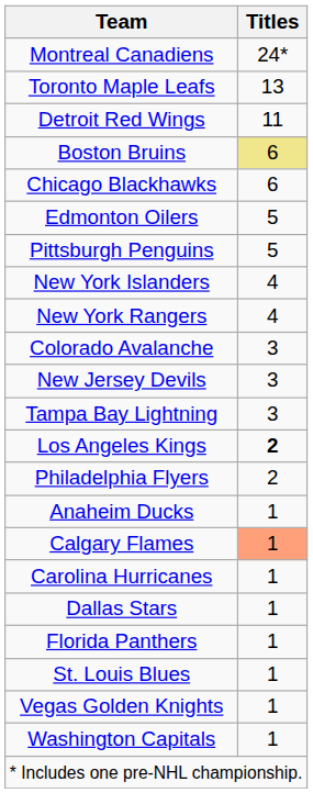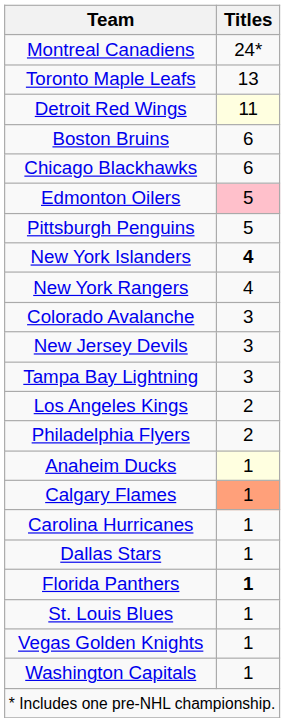 <table class="wikitable" style="text-align:center; margin-left:1em; float:right">
 <tr>
 <th scope="col">Team</th>
 <th scope="col">Titles</th>
 </tr>
 <tr>
 <td scope="row"><a href='#'>Montreal Canadiens</a></td>
 <td>24*</td>
 </tr>
 <tr>
 <td scope="row"><a href='#'>Toronto Maple Leafs</a></td>
 <td>13</td>
 </tr>
 <tr>
 <td scope="row"><a href='#'>Detroit Red Wings</a></td>
-<td>11</td>
+<td style="background: lightyellow;">11</td>
 </tr>
 <tr>
 <td scope="row"><a href='#'>Boston Bruins</a></td>
-<td style="background: khaki;">6</td>
+<td>6</td>
 </tr>
 <tr>
 <td scope="row"><a href='#'>Chicago Blackhawks</a></td>
 <td>6</td>
 </tr>
 <tr>
 <td scope="row"><a href='#'>Edmonton Oilers</a></td>
-<td>5</td>
+<td style="background: pink;">5</td>
 </tr>
 <tr>
 <td scope="row"><a href='#'>Pittsburgh Penguins</a></td>
 <td>5</td>
 </tr>
 <tr>
 <td scope="row"><a href='#'>New York Islanders</a></td>
-<td>4</td>
+<td><strong>4</strong></td>
 </tr>
 <tr>
 <td scope="row"><a href='#'>New York Rangers</a></td>
 <td>4</td>
 </tr>
 <tr>
 <td scope="row"><a href='#'>Colorado Avalanche</a></td>
 <td>3</td>
 </tr>
 <tr>
 <td scope="row"><a href='#'>New Jersey Devils</a></td>
 <td>3</td>
 </tr>
 <tr>
 <td scope="row"><a href='#'>Tampa Bay Lightning</a></td>
 <td>3</td>
 </tr>
 <tr>
 <td scope="row"><a href='#'>Los Angeles Kings</a></td>
-<td><strong>2</strong></td>
+<td>2</td>
 </tr>
 <tr>
 <td scope="row"><a href='#'>Philadelphia Flyers</a></td>
 <td>2</td>
 </tr>
 <tr>
 <td scope="row"><a href='#'>Anaheim Ducks</a></td>
-<td>1</td>
+<td style="background: lightyellow;">1</td>
 </tr>
 <tr>
 <td scope="row"><a href='#'>Calgary Flames</a></td>
 <td style="background: lightsalmon;">1</td>
 </tr>
 <tr>
 <td scope="row"><a href='#'>Carolina Hurricanes</a></td>
 <td>1</td>
 </tr>
 <tr>
 <td scope="row"><a href='#'>Dallas Stars</a></td>
 <td>1</td>
 </tr>
 <tr>
 <td scope="row"><a href='#'>Florida Panthers</a></td>
-<td>1</td>
+<td><strong>1</strong></td>
 </tr>
 <tr>
 <td scope="row"><a href='#'>St. Louis Blues</a></td>
 <td>1</td>
 </tr>
 <tr>
 <td scope="row"><a href='#'>Vegas Golden Knights</a></td>
 <td>1</td>
 </tr>
 <tr>
 <td scope="row"><a href='#'>Washington Capitals</a></td>
 <td>1</td>
 </tr>
 <tr>
 <td style="text-align:center;" colspan="6"><small>* Includes one pre-NHL championship.</small><br></td>
 </tr>
 </table>
